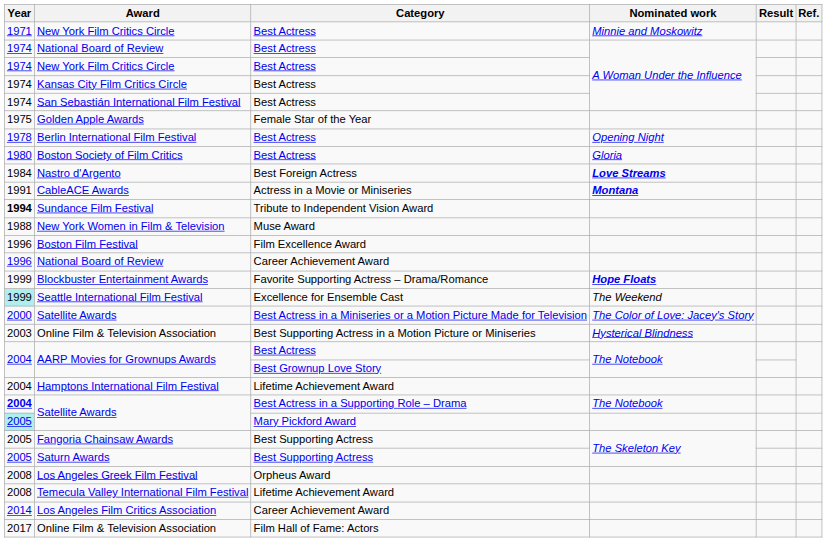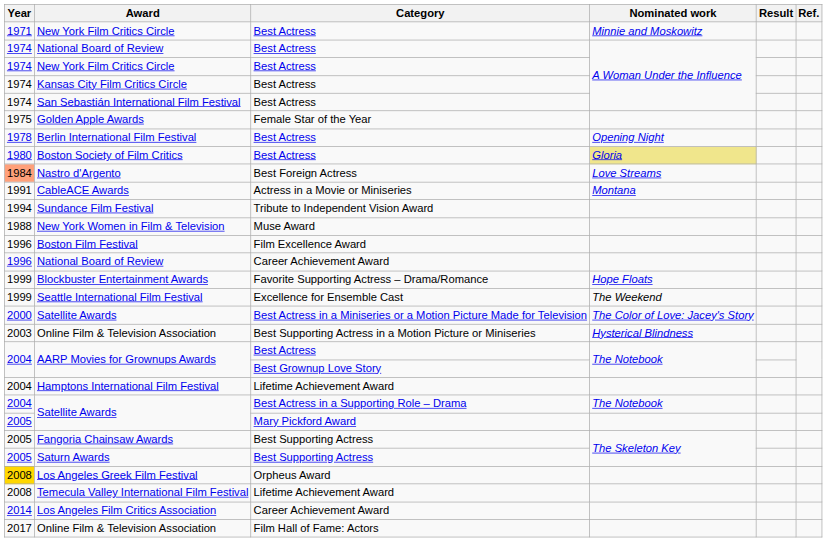 <table class="wikitable">
 <tr>
 <th>Year</th>
 <th>Award</th>
 <th>Category</th>
 <th>Nominated work</th>
 <th>Result</th>
 <th>Ref.</th>
 </tr>
 <tr>
 <td><a href='#'>1971</a></td>
 <td><a href='#'>New York Film Critics Circle</a></td>
 <td><a href='#'>Best Actress</a></td>
 <td><em><a href='#'>Minnie and Moskowitz</a></em></td>
 <td></td>
 <td align="center"></td>
 </tr>
 <tr>
 <td><a href='#'>1974</a></td>
 <td><a href='#'>National Board of Review</a></td>
 <td><a href='#'>Best Actress</a></td>
 <td rowspan="4"><em><a href='#'>A Woman Under the Influence</a></em></td>
 <td></td>
 <td align="center"></td>
 </tr>
 <tr>
 <td><a href='#'>1974</a></td>
 <td><a href='#'>New York Film Critics Circle</a></td>
 <td><a href='#'>Best Actress</a></td>
 <td></td>
 <td align="center"></td>
 </tr>
 <tr>
 <td>1974</td>
 <td><a href='#'>Kansas City Film Critics Circle</a></td>
 <td>Best Actress</td>
 <td></td>
 <td align="center"></td>
 </tr>
 <tr>
 <td>1974</td>
 <td><a href='#'>San Sebastián International Film Festival</a></td>
 <td>Best Actress</td>
 <td></td>
 <td align="center"></td>
 </tr>
 <tr>
 <td>1975</td>
 <td><a href='#'>Golden Apple Awards</a></td>
 <td>Female Star of the Year</td>
 <td></td>
 <td></td>
 <td align="center"></td>
 </tr>
 <tr>
 <td><a href='#'>1978</a></td>
 <td><a href='#'>Berlin International Film Festival</a></td>
 <td><a href='#'>Best Actress</a></td>
 <td><em><a href='#'>Opening Night</a></em></td>
 <td></td>
 <td align="center"></td>
 </tr>
 <tr>
 <td><a href='#'>1980</a></td>
 <td><a href='#'>Boston Society of Film Critics</a></td>
 <td><a href='#'>Best Actress</a></td>
-<td><em><a href='#'>Gloria</a></em></td>
+<td style="background: khaki;"><em><a href='#'>Gloria</a></em></td>
 <td></td>
 <td align="center"></td>
 </tr>
 <tr>
-<td>1984</td>
+<td style="background: lightsalmon;">1984</td>
 <td><a href='#'>Nastro d'Argento</a></td>
 <td>Best Foreign Actress</td>
-<td><strong><em><a href='#'>Love Streams</a></em></strong></td>
+<td><em><a href='#'>Love Streams</a></em></td>
 <td></td>
 <td align="center"></td>
 </tr>
 <tr>
 <td>1991</td>
 <td><a href='#'>CableACE Awards</a></td>
 <td>Actress in a Movie or Miniseries</td>
-<td><strong><em><a href='#'>Montana</a></em></strong></td>
+<td><em><a href='#'>Montana</a></em></td>
 <td></td>
 <td align="center"></td>
 </tr>
 <tr>
-<td><strong>1994</strong></td>
+<td>1994</td>
 <td><a href='#'>Sundance Film Festival</a></td>
 <td>Tribute to Independent Vision Award</td>
 <td></td>
 <td></td>
 <td align="center"></td>
 </tr>
 <tr>
 <td>1988</td>
 <td><a href='#'>New York Women in Film & Television</a></td>
 <td>Muse Award</td>
 <td></td>
 <td></td>
 <td align="center"></td>
 </tr>
 <tr>
 <td>1996</td>
 <td><a href='#'>Boston Film Festival</a></td>
 <td>Film Excellence Award</td>
 <td></td>
 <td></td>
 <td align="center"></td>
 </tr>
 <tr>
 <td><a href='#'>1996</a></td>
 <td><a href='#'>National Board of Review</a></td>
 <td>Career Achievement Award</td>
 <td></td>
 <td></td>
 <td align="center"></td>
 </tr>
 <tr>
 <td>1999</td>
 <td><a href='#'>Blockbuster Entertainment Awards</a></td>
 <td>Favorite Supporting Actress – Drama/Romance</td>
-<td><strong><em><a href='#'>Hope Floats</a></em></strong></td>
+<td><em><a href='#'>Hope Floats</a></em></td>
 <td></td>
 <td align="center"></td>
 </tr>
 <tr>
-<td style="background: paleturquoise;">1999</td>
+<td>1999</td>
 <td><a href='#'>Seattle International Film Festival</a></td>
 <td>Excellence for Ensemble Cast</td>
 <td><em>The Weekend</em></td>
 <td></td>
 <td align="center"></td>
 </tr>
 <tr>
 <td><a href='#'>2000</a></td>
 <td><a href='#'>Satellite Awards</a></td>
 <td><a href='#'>Best Actress in a Miniseries or a Motion Picture Made for Television</a></td>
 <td><em><a href='#'>The Color of Love: Jacey's Story</a></em></td>
 <td></td>
 <td align="center"></td>
 </tr>
 <tr>
 <td>2003</td>
 <td>Online Film & Television Association</td>
 <td>Best Supporting Actress in a Motion Picture or Miniseries</td>
 <td><em><a href='#'>Hysterical Blindness</a></em></td>
 <td></td>
 <td align="center"></td>
 </tr>
 <tr>
 <td rowspan="2"><a href='#'>2004</a></td>
 <td rowspan="2"><a href='#'>AARP Movies for Grownups Awards</a></td>
 <td><a href='#'>Best Actress</a></td>
 <td rowspan="2"><em><a href='#'>The Notebook</a></em></td>
 <td></td>
 <td align="center" rowspan="2"></td>
 </tr>
 <tr>
 <td><a href='#'>Best Grownup Love Story</a></td>
 <td></td>
 </tr>
 <tr>
 <td>2004</td>
 <td><a href='#'>Hamptons International Film Festival</a></td>
 <td>Lifetime Achievement Award</td>
 <td></td>
 <td></td>
 <td align="center"></td>
 </tr>
 <tr>
-<td><strong><a href='#'>2004</a></strong></td>
+<td><a href='#'>2004</a></td>
 <td rowspan="2"><a href='#'>Satellite Awards</a></td>
 <td><a href='#'>Best Actress in a Supporting Role – Drama</a></td>
 <td><em><a href='#'>The Notebook</a></em></td>
 <td></td>
 <td align="center"></td>
 </tr>
 <tr>
-<td style="background: paleturquoise;"><a href='#'>2005</a></td>
+<td><a href='#'>2005</a></td>
 <td><a href='#'>Mary Pickford Award</a></td>
 <td></td>
 <td></td>
 <td align="center"></td>
 </tr>
 <tr>
 <td>2005</td>
 <td><a href='#'>Fangoria Chainsaw Awards</a></td>
 <td>Best Supporting Actress</td>
 <td rowspan="2"><em><a href='#'>The Skeleton Key</a></em></td>
 <td></td>
 <td align="center"></td>
 </tr>
 <tr>
 <td><a href='#'>2005</a></td>
 <td><a href='#'>Saturn Awards</a></td>
 <td><a href='#'>Best Supporting Actress</a></td>
 <td></td>
 <td align="center"></td>
 </tr>
 <tr>
-<td>2008</td>
+<td style="background: gold;">2008</td>
 <td><a href='#'>Los Angeles Greek Film Festival</a></td>
 <td>Orpheus Award</td>
 <td></td>
 <td></td>
 <td align="center"></td>
 </tr>
 <tr>
 <td>2008</td>
 <td><a href='#'>Temecula Valley International Film Festival</a></td>
 <td>Lifetime Achievement Award</td>
 <td></td>
 <td></td>
 <td align="center"></td>
 </tr>
 <tr>
 <td><a href='#'>2014</a></td>
 <td><a href='#'>Los Angeles Film Critics Association</a></td>
 <td>Career Achievement Award</td>
 <td></td>
 <td></td>
 <td align="center"></td>
 </tr>
 <tr>
 <td>2017</td>
 <td>Online Film & Television Association</td>
 <td>Film Hall of Fame: Actors</td>
 <td></td>
 <td></td>
 <td align="center"></td>
 </tr>
 </table>
